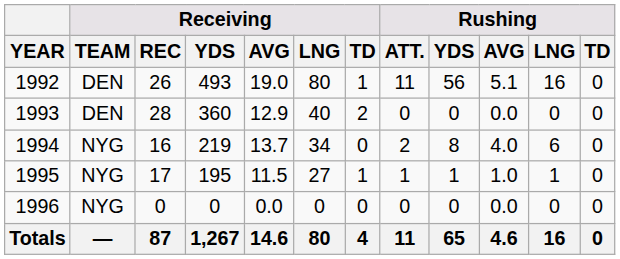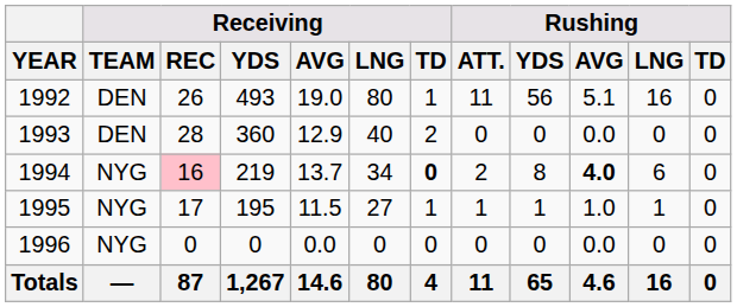 <table class=wikitable style="text-align:center">
 <tr>
 <th></th>
 <th colspan="6" style="background:#e7e3e7;">Receiving</th>
 <th colspan="5" style="background:#e7e3e7;">Rushing</th>
 </tr>
 <tr>
 <th>YEAR</th>
 <th>TEAM</th>
 <th>REC</th>
 <th>YDS</th>
 <th>AVG</th>
 <th>LNG</th>
 <th>TD</th>
 <th>ATT.</th>
 <th>YDS</th>
 <th>AVG</th>
 <th>LNG</th>
 <th>TD</th>
 </tr>
 <tr>
 <td>1992</td>
 <td>DEN</td>
 <td>26</td>
 <td>493</td>
 <td>19.0</td>
 <td>80</td>
 <td>1</td>
 <td>11</td>
 <td>56</td>
 <td>5.1</td>
 <td>16</td>
 <td>0</td>
 </tr>
 <tr>
 <td>1993</td>
 <td>DEN</td>
 <td>28</td>
 <td>360</td>
 <td>12.9</td>
 <td>40</td>
 <td>2</td>
 <td>0</td>
 <td>0</td>
 <td>0.0</td>
 <td>0</td>
 <td>0</td>
 </tr>
 <tr>
 <td>1994</td>
 <td>NYG</td>
-<td>16</td>
+<td style="background: pink;">16</td>
 <td>219</td>
 <td>13.7</td>
 <td>34</td>
-<td>0</td>
+<td><strong>0</strong></td>
 <td>2</td>
 <td>8</td>
-<td>4.0</td>
+<td><strong>4.0</strong></td>
 <td>6</td>
 <td>0</td>
 </tr>
 <tr>
 <td>1995</td>
 <td>NYG</td>
 <td>17</td>
 <td>195</td>
 <td>11.5</td>
 <td>27</td>
 <td>1</td>
 <td>1</td>
 <td>1</td>
 <td>1.0</td>
 <td>1</td>
 <td>0</td>
 </tr>
 <tr>
 <td>1996</td>
 <td>NYG</td>
 <td>0</td>
 <td>0</td>
 <td>0.0</td>
 <td>0</td>
 <td>0</td>
 <td>0</td>
 <td>0</td>
 <td>0.0</td>
 <td>0</td>
 <td>0</td>
 </tr>
 <tr>
 <th>Totals</th>
 <th>—</th>
 <th>87</th>
 <th>1,267</th>
 <th>14.6</th>
 <th>80</th>
 <th>4</th>
 <th>11</th>
 <th>65</th>
 <th>4.6</th>
 <th>16</th>
 <th>0</th>
 </tr>
 </table>
